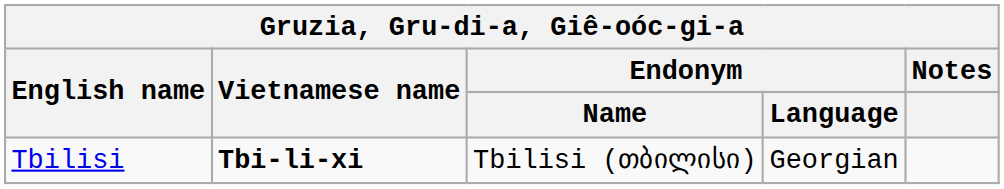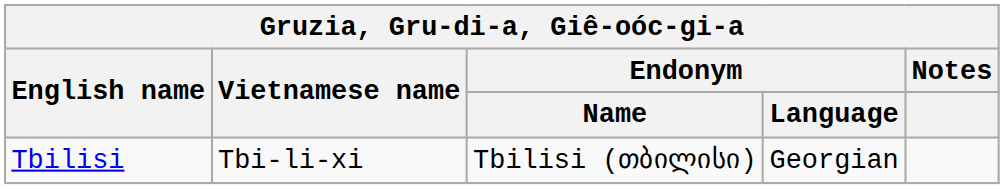 <table class="wikitable sortable">
 <tr>
 <th colspan="5"> Gruzia, Gru-di-a, Giê-oóc-gi-a</th>
 </tr>
 <tr>
 <th rowspan="2">English name</th>
 <th rowspan="2">Vietnamese name</th>
 <th colspan="2">Endonym</th>
 <th>Notes</th>
 </tr>
 <tr>
 <th>Name</th>
 <th>Language</th>
 <th></th>
 </tr>
 <tr>
 <td><a href='#'>Tbilisi</a></td>
-<td><strong>Tbi-li-xi</strong></td>
+<td>Tbi-li-xi</td>
 <td>Tbilisi (თბილისი)</td>
 <td>Georgian</td>
 </tr>
 </table>
